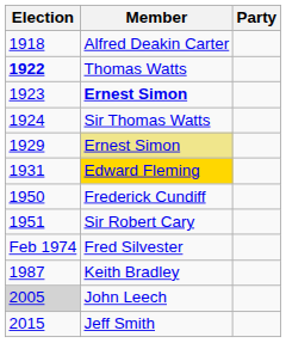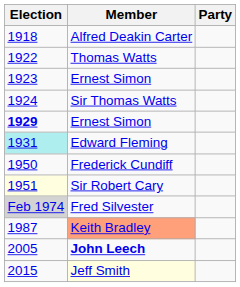 <table class="wikitable">
 <tr>
 <th>Election</th>
 <th>Member</th>
 <th colspan="2">Party</th>
 </tr>
 <tr>
 <td><a href='#'>1918</a></td>
 <td><a href='#'>Alfred Deakin Carter</a></td>
 <td></td>
 </tr>
 <tr>
-<td><strong><a href='#'>1922</a></strong></td>
+<td><a href='#'>1922</a></td>
 <td><a href='#'>Thomas Watts</a></td>
 <td></td>
 </tr>
 <tr>
 <td><a href='#'>1923</a></td>
-<td><strong><a href='#'>Ernest Simon</a></strong></td>
+<td><a href='#'>Ernest Simon</a></td>
 <td></td>
 </tr>
 <tr>
 <td><a href='#'>1924</a></td>
 <td><a href='#'>Sir Thomas Watts</a></td>
 <td></td>
 </tr>
 <tr>
-<td><a href='#'>1929</a></td>
-<td style="background: khaki;"><a href='#'>Ernest Simon</a></td>
+<td><strong><a href='#'>1929</a></strong></td>
+<td><a href='#'>Ernest Simon</a></td>
 <td></td>
 </tr>
 <tr>
-<td><a href='#'>1931</a></td>
-<td style="background: gold;"><a href='#'>Edward Fleming</a></td>
+<td style="background: paleturquoise;"><a href='#'>1931</a></td>
+<td><a href='#'>Edward Fleming</a></td>
 <td></td>
 </tr>
 <tr>
 <td><a href='#'>1950</a></td>
 <td><a href='#'>Frederick Cundiff</a></td>
 <td></td>
 </tr>
 <tr>
-<td><a href='#'>1951</a></td>
+<td style="background: lightyellow;"><a href='#'>1951</a></td>
 <td><a href='#'>Sir Robert Cary</a></td>
 <td></td>
 </tr>
 <tr>
-<td><a href='#'>Feb 1974</a></td>
+<td style="background: lightgrey;"><a href='#'>Feb 1974</a></td>
 <td><a href='#'>Fred Silvester</a></td>
 <td></td>
 </tr>
 <tr>
 <td><a href='#'>1987</a></td>
-<td><a href='#'>Keith Bradley</a></td>
+<td style="background: lightsalmon;"><a href='#'>Keith Bradley</a></td>
 <td></td>
 </tr>
 <tr>
-<td style="background: lightgrey;"><a href='#'>2005</a></td>
-<td><a href='#'>John Leech</a></td>
+<td><a href='#'>2005</a></td>
+<td><strong><a href='#'>John Leech</a></strong></td>
 <td></td>
 </tr>
 <tr>
 <td><a href='#'>2015</a></td>
-<td><a href='#'>Jeff Smith</a></td>
+<td style="background: lightyellow;"><a href='#'>Jeff Smith</a></td>
 <td></td>
 </tr>
 </table>
